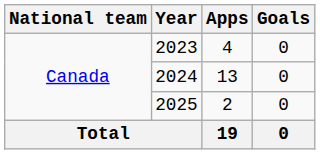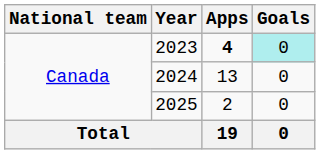 <table class="wikitable" style="text-align:center">
 <tr>
 <th>National team</th>
 <th>Year</th>
 <th>Apps</th>
 <th>Goals</th>
 </tr>
 <tr>
 <td rowspan="3"><a href='#'>Canada</a></td>
 <td>2023</td>
-<td>4</td>
-<td>0</td>
+<td><strong>4</strong></td>
+<td style="background: paleturquoise;">0</td>
 </tr>
 <tr>
 <td>2024</td>
 <td>13</td>
 <td>0</td>
 </tr>
 <tr>
 <td>2025</td>
 <td>2</td>
 <td>0</td>
 </tr>
 <tr>
 <th colspan="2">Total</th>
 <th>19</th>
 <th>0</th>
 </tr>
 </table>
